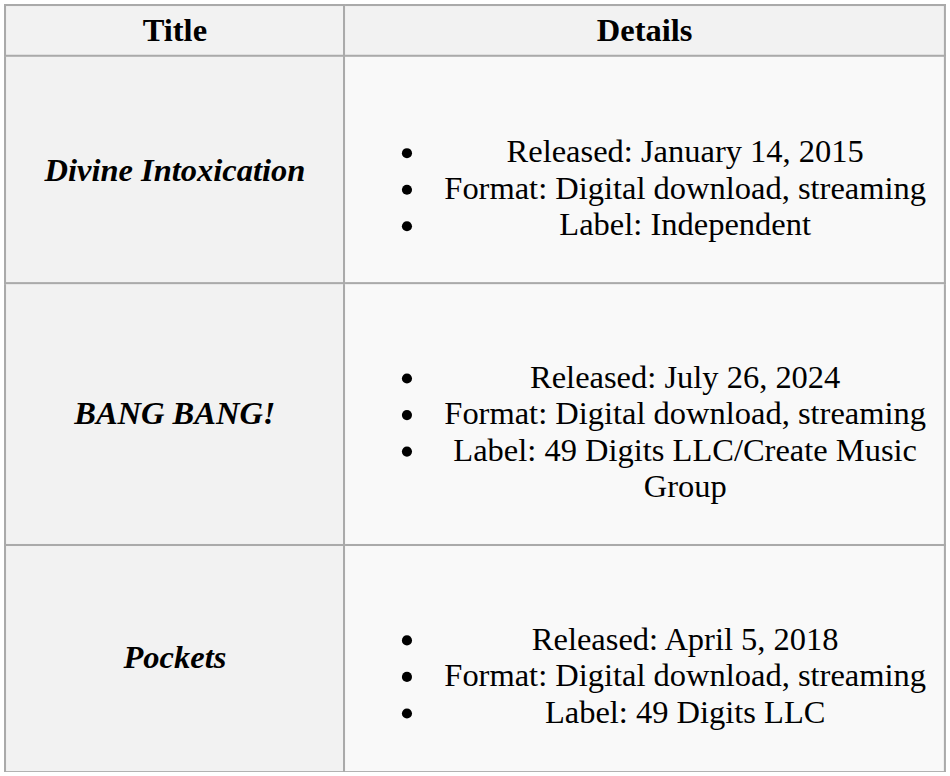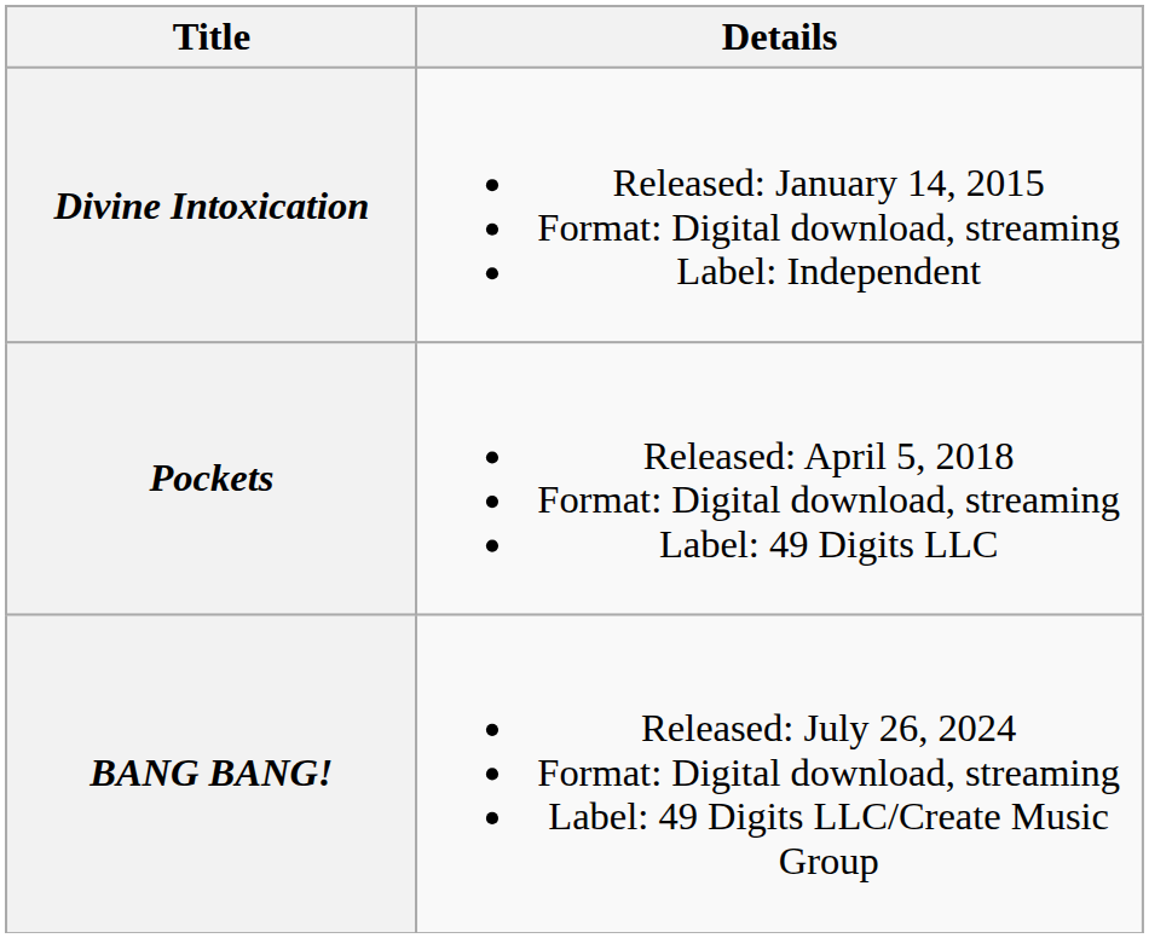 <table class="wikitable plainrowheaders" style="text-align:center;">
 <tr>
 <th scope="col" style="width:10em;">Title</th>
 <th scope="col" style="width:18em;">Details</th>
 </tr>
 <tr>
 <th scope="row"><em>Divine Intoxication</em></th>
 <td><br><ul><li>Released: January 14, 2015</li><li>Format: Digital download, streaming</li><li>Label: Independent</li></ul></td>
 </tr>
 <tr>
+<th scope="row"><em>Pockets</em></th>
+<td><br><ul><li>Released: April 5, 2018</li><li>Format: Digital download, streaming</li><li>Label: 49 Digits LLC</li></ul></td>
+</tr>
+<tr>
 <th scope="row"><em>BANG BANG!</em></th>
 <td><br><ul><li>Released: July 26, 2024</li><li>Format: Digital download, streaming</li><li>Label: 49 Digits LLC/Create Music Group</li></ul></td>
 </tr>
 <tr>
-<th scope="row"><em>Pockets</em></th>
-<td><br><ul><li>Released: April 5, 2018</li><li>Format: Digital download, streaming</li><li>Label: 49 Digits LLC</li></ul></td>
-</tr>
-<tr>
 </tr>
 </table>
